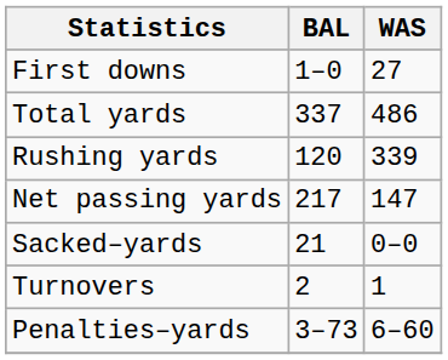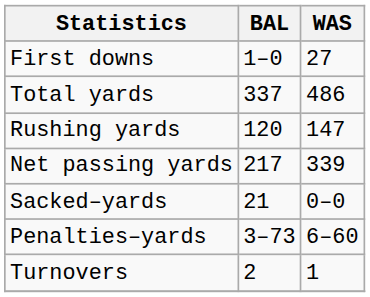 <table class="wikitable" style="float: left;">
 <tr>
 <th>Statistics</th>
 <th>BAL</th>
 <th>WAS</th>
 </tr>
 <tr>
 <td>First downs</td>
 <td>1–0</td>
 <td>27</td>
 </tr>
 <tr>
 <td>Total yards</td>
 <td>337</td>
 <td>486</td>
 </tr>
 <tr>
 <td>Rushing yards</td>
 <td>120</td>
-<td>339</td>
+<td>147</td>
 </tr>
 <tr>
 <td>Net passing yards</td>
 <td>217</td>
-<td>147</td>
+<td>339</td>
 </tr>
 <tr>
 <td>Sacked–yards</td>
 <td>21</td>
 <td>0–0</td>
 </tr>
 <tr>
+<td>Penalties–yards</td>
+<td>3–73</td>
+<td>6–60</td>
+</tr>
+<tr>
 <td>Turnovers</td>
 <td>2</td>
 <td>1</td>
 </tr>
 <tr>
-<td>Penalties–yards</td>
-<td>3–73</td>
-<td>6–60</td>
-</tr>
-<tr>
 </tr>
 </table>
